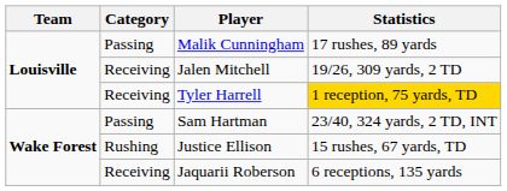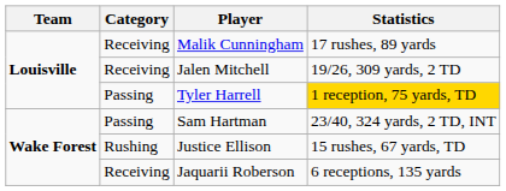 <table class="wikitable" style="float: right;">
 <tr>
 <th>Team</th>
 <th>Category</th>
 <th>Player</th>
 <th>Statistics</th>
 </tr>
 <tr>
 <td rowspan=3><strong>Louisville</strong></td>
-<td>Passing</td>
+<td>Receiving</td>
 <td><a href='#'>Malik Cunningham</a></td>
 <td>17 rushes, 89 yards</td>
 </tr>
 <tr>
 <td>Receiving</td>
 <td>Jalen Mitchell</td>
 <td>19/26, 309 yards, 2 TD</td>
 </tr>
 <tr>
-<td>Receiving</td>
+<td>Passing</td>
 <td><a href='#'>Tyler Harrell</a></td>
 <td style="background: gold;">1 reception, 75 yards, TD</td>
 </tr>
 <tr>
 <td rowspan=3><strong>Wake Forest</strong></td>
 <td>Passing</td>
 <td>Sam Hartman</td>
 <td>23/40, 324 yards, 2 TD, INT</td>
 </tr>
 <tr>
 <td>Rushing</td>
 <td>Justice Ellison</td>
 <td>15 rushes, 67 yards, TD</td>
 </tr>
 <tr>
 <td>Receiving</td>
 <td>Jaquarii Roberson</td>
 <td>6 receptions, 135 yards</td>
 </tr>
 </table>
